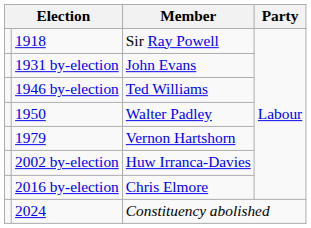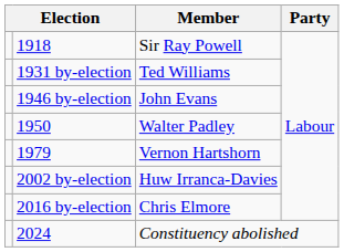 <table class="wikitable">
 <tr>
 <th scope="col" colspan="2">Election</th>
 <th scope="col">Member</th>
 <th scope="col">Party</th>
 </tr>
 <tr>
 <td style="color:inherit;background-color: "></td>
 <td><a href='#'>1918</a></td>
 <td>Sir <a href='#'>Ray Powell</a></td>
 <td rowspan="7"><a href='#'>Labour</a></td>
 </tr>
 <tr>
 <td style="color:inherit;background-color: "></td>
 <td><a href='#'>1931 by-election</a></td>
-<td><a href='#'>John Evans</a></td>
+<td><a href='#'>Ted Williams</a></td>
 </tr>
 <tr>
 <td style="color:inherit;background-color: "></td>
 <td><a href='#'>1946 by-election</a></td>
-<td><a href='#'>Ted Williams</a></td>
+<td><a href='#'>John Evans</a></td>
 </tr>
 <tr>
 <td style="color:inherit;background-color: "></td>
 <td><a href='#'>1950</a></td>
 <td><a href='#'>Walter Padley</a></td>
 </tr>
 <tr>
 <td style="color:inherit;background-color: "></td>
 <td><a href='#'>1979</a></td>
 <td><a href='#'>Vernon Hartshorn</a></td>
 </tr>
 <tr>
 <td style="color:inherit;background-color: "></td>
 <td><a href='#'>2002 by-election</a></td>
 <td><a href='#'>Huw Irranca-Davies</a></td>
 </tr>
 <tr>
 <td style="color:inherit;background-color: "></td>
 <td><a href='#'>2016 by-election</a></td>
 <td><a href='#'>Chris Elmore</a></td>
 </tr>
 <tr>
 <td></td>
 <td><a href='#'>2024</a></td>
 <td colspan="2"><em>Constituency abolished</em></td>
 </tr>
 </table>
